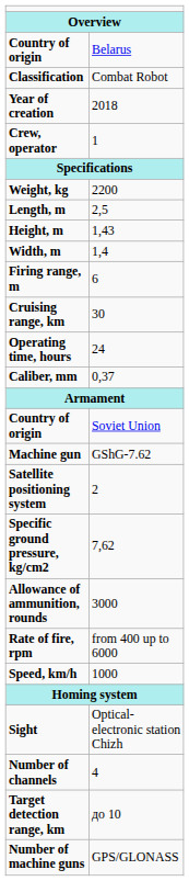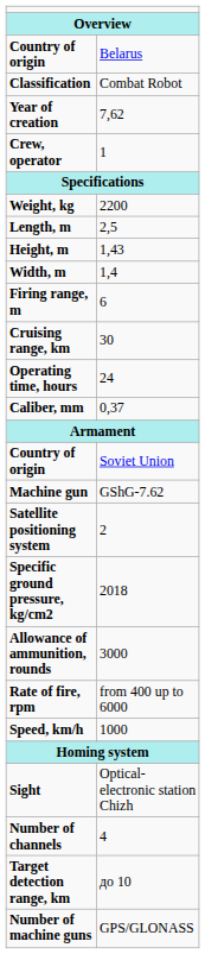 <table class="wikitable" style="float:right; margin-left:0.8em; clear:right; width:25%;">
 <tr>
 <td colspan="2"></td>
 </tr>
 <tr style="...; background-color:#AFEEEE; text-align:center;">
 <td colspan="2"><strong> Overview </strong></td>
 </tr>
 <tr>
 <td><strong> Country of origin </strong></td>
 <td><a href='#'>Belarus</a></td>
 </tr>
 <tr>
 <td><strong> Classification </strong></td>
 <td>Combat Robot</td>
 </tr>
 <tr>
 <td><strong> Year of creation</strong></td>
-<td>2018</td>
+<td>7,62</td>
 </tr>
 <tr>
 <td><strong> Crew, operator</strong></td>
 <td>1</td>
 </tr>
 <tr style="...; background-color:#AFEEEE; text-align:center;">
 <td colspan="2"><strong> Specifications </strong></td>
 </tr>
 <tr>
 <td><strong> Weight, kg </strong></td>
 <td>2200</td>
 </tr>
 <tr>
 <td><strong> Length, m </strong></td>
 <td>2,5</td>
 </tr>
 <tr>
 <td><strong> Height, m </strong></td>
 <td>1,43</td>
 </tr>
 <tr>
 <td><strong> Width, m </strong></td>
 <td>1,4</td>
 </tr>
 <tr>
 <td><strong> Firing range, m</strong></td>
 <td>6</td>
 </tr>
 <tr>
 <td><strong> Cruising range, km </strong></td>
 <td>30</td>
 </tr>
 <tr>
 <td><strong> Operating time, hours </strong></td>
 <td>24</td>
 </tr>
 <tr>
 <td><strong> Caliber, mm </strong></td>
 <td>0,37</td>
 </tr>
 <tr style="...; background-color:#AFEEEE; text-align:center;">
 <td colspan="2"><strong> Armament </strong></td>
 </tr>
 <tr>
 <td><strong> Country of origin </strong></td>
 <td><a href='#'>Soviet Union</a></td>
 </tr>
 <tr>
 <td><strong>Machine gun </strong></td>
 <td>GShG-7.62</td>
 </tr>
 <tr>
 <td><strong> Satellite positioning system </strong></td>
 <td>2</td>
 </tr>
 <tr>
 <td><strong> Specific ground pressure, kg/cm2</strong></td>
-<td>7,62</td>
+<td>2018</td>
 </tr>
 <tr>
 <td><strong> Allowance of ammunition, rounds </strong></td>
 <td>3000</td>
 </tr>
 <tr>
 <td><strong> Rate of fire, rpm</strong></td>
 <td>from 400 up to 6000</td>
 </tr>
 <tr>
 <td><strong> Speed, km/h </strong></td>
 <td>1000</td>
 </tr>
 <tr style="...; background-color:#AFEEEE; text-align:center;">
 <td colspan="2"><strong> Homing system </strong></td>
 </tr>
 <tr>
 <td><strong> Sight </strong></td>
 <td>Optical-electronic station Chizh</td>
 </tr>
 <tr>
 <td><strong> Number of channels</strong></td>
 <td>4</td>
 </tr>
 <tr>
 <td><strong> Target detection range, km </strong></td>
 <td>до 10</td>
 </tr>
 <tr>
 <td><strong> Number of machine guns </strong></td>
 <td>GPS/GLONASS</td>
 </tr>
 </table>
